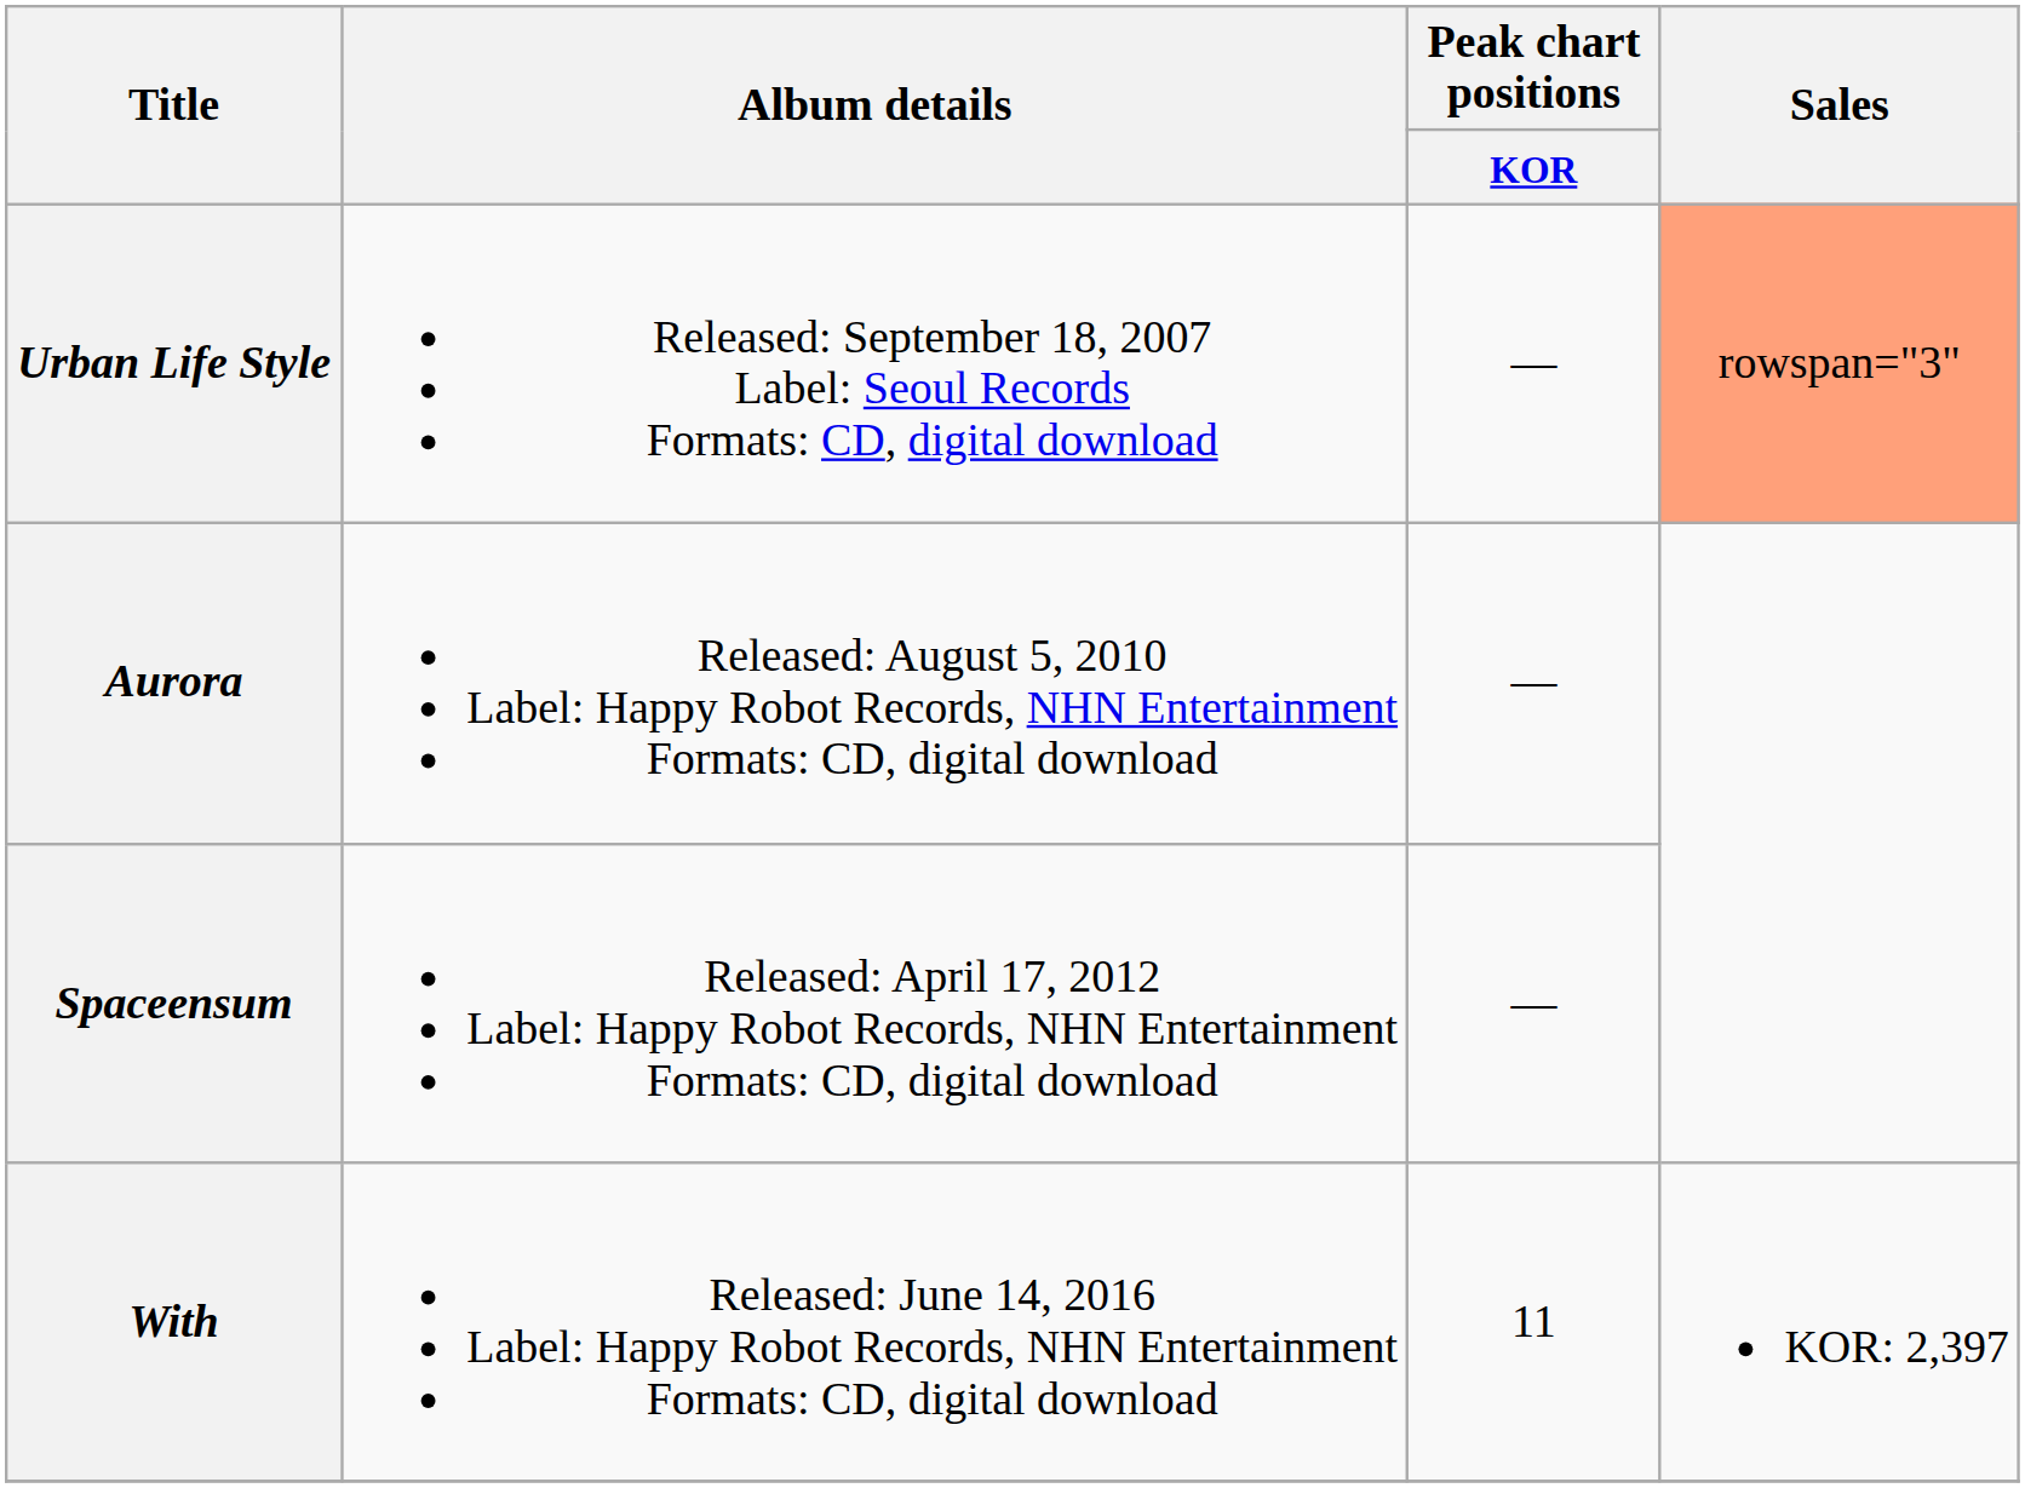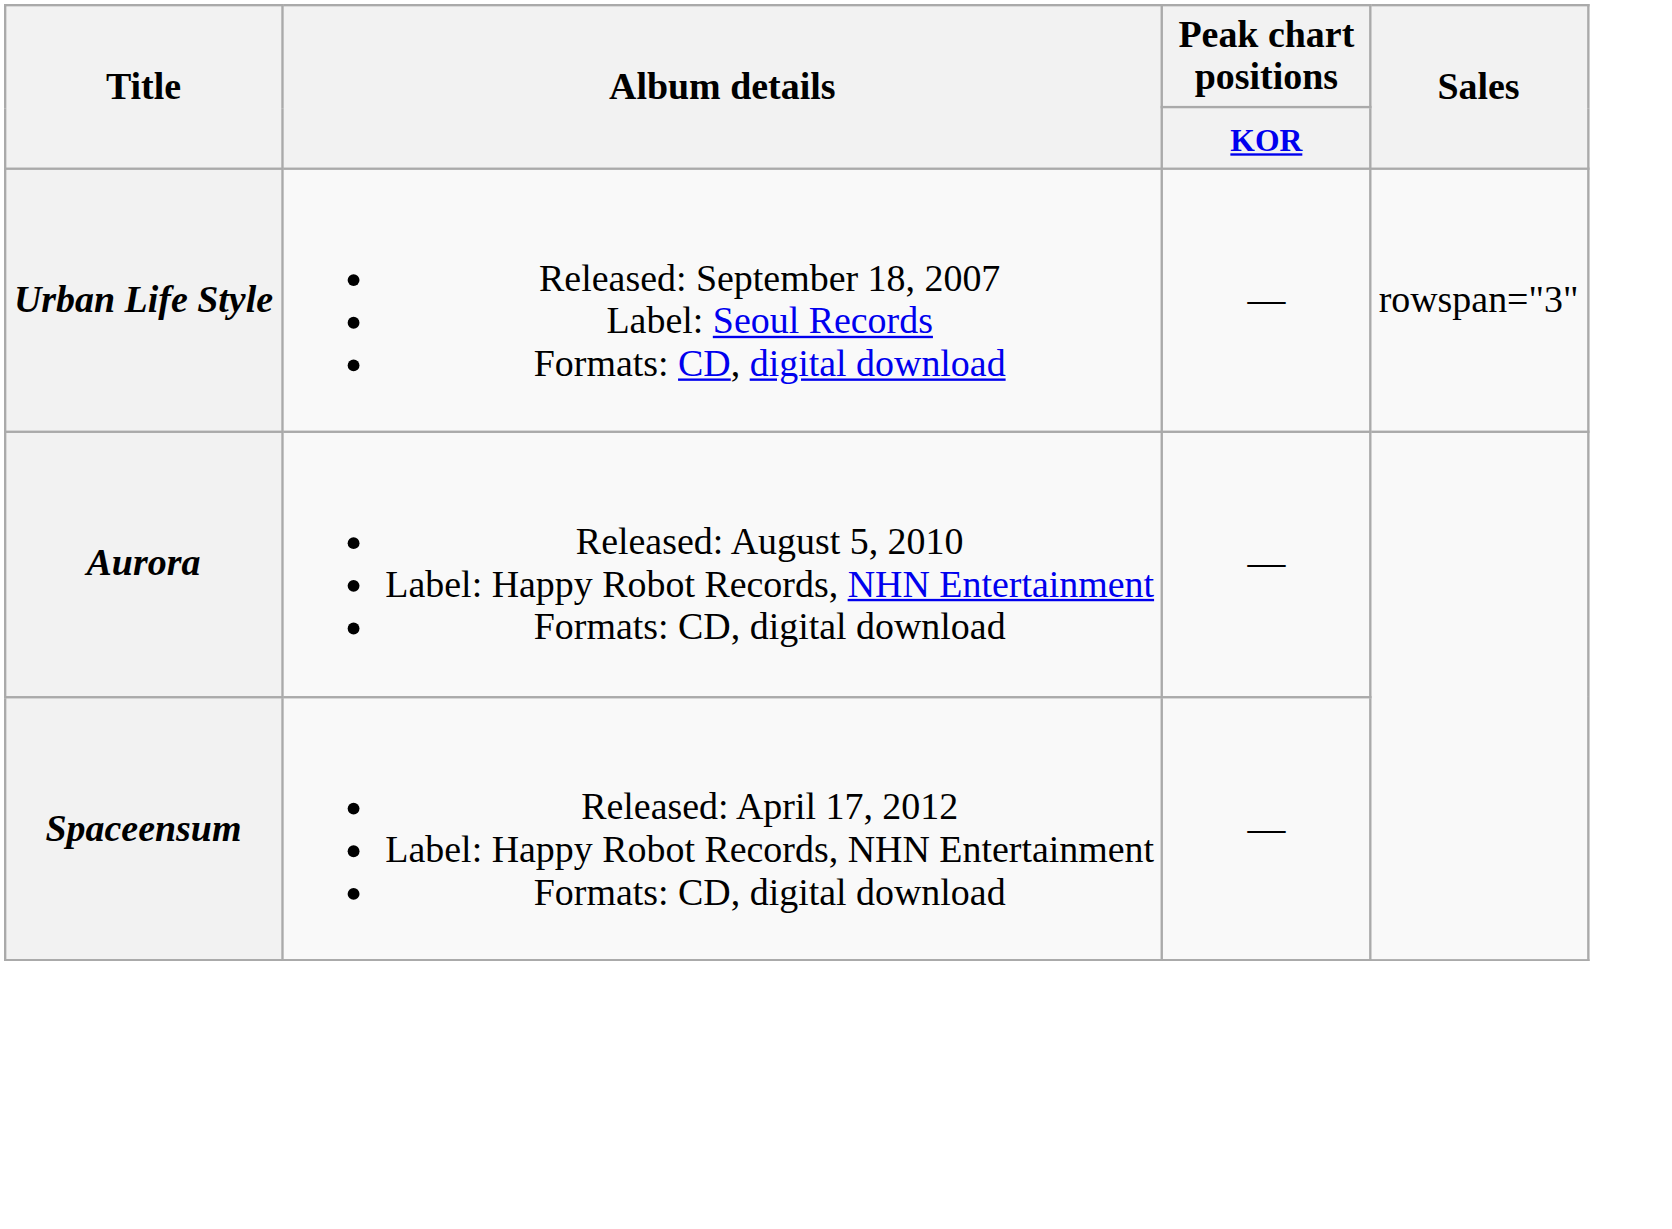 <table class="wikitable plainrowheaders" style="text-align:center;">
 <tr>
 <th scope="col" rowspan="2">Title</th>
 <th scope="col" rowspan="2">Album details</th>
 <th scope="col" colspan="1" style="width:5em;">Peak chart positions</th>
 <th scope="col" rowspan="2">Sales</th>
 </tr>
 <tr>
 <th><small><a href='#'>KOR</a></small><br></th>
 </tr>
 <tr>
 <th scope="row"><em>Urban Life Style</em></th>
 <td><br><ul><li>Released: September 18, 2007</li><li>Label: <a href='#'>Seoul Records</a></li><li>Formats: <a href='#'>CD</a>, <a href='#'>digital download</a></li></ul></td>
 <td>—</td>
-<td style="background: lightsalmon;">rowspan="3" </td>
+<td>rowspan="3" </td>
 </tr>
 <tr>
 <th scope="row"><em>Aurora</em></th>
 <td><br><ul><li>Released: August 5, 2010</li><li>Label: Happy Robot Records, <a href='#'>NHN Entertainment</a></li><li>Formats: CD, digital download</li></ul></td>
 <td>—</td>
 </tr>
 <tr>
 <th scope="row"><em>Spaceensum</em></th>
 <td><br><ul><li>Released: April 17, 2012</li><li>Label: Happy Robot Records, NHN Entertainment</li><li>Formats: CD, digital download</li></ul></td>
 <td>—</td>
 </tr>
 <tr>
-<th scope="row"><em>With</em></th>
-<td><br><ul><li>Released: June 14, 2016</li><li>Label: Happy Robot Records, NHN Entertainment</li><li>Formats: CD, digital download</li></ul></td>
-<td>11</td>
-<td><br><ul><li>KOR: 2,397</li></ul></td>
-</tr>
-<tr>
 </tr>
 </table>
